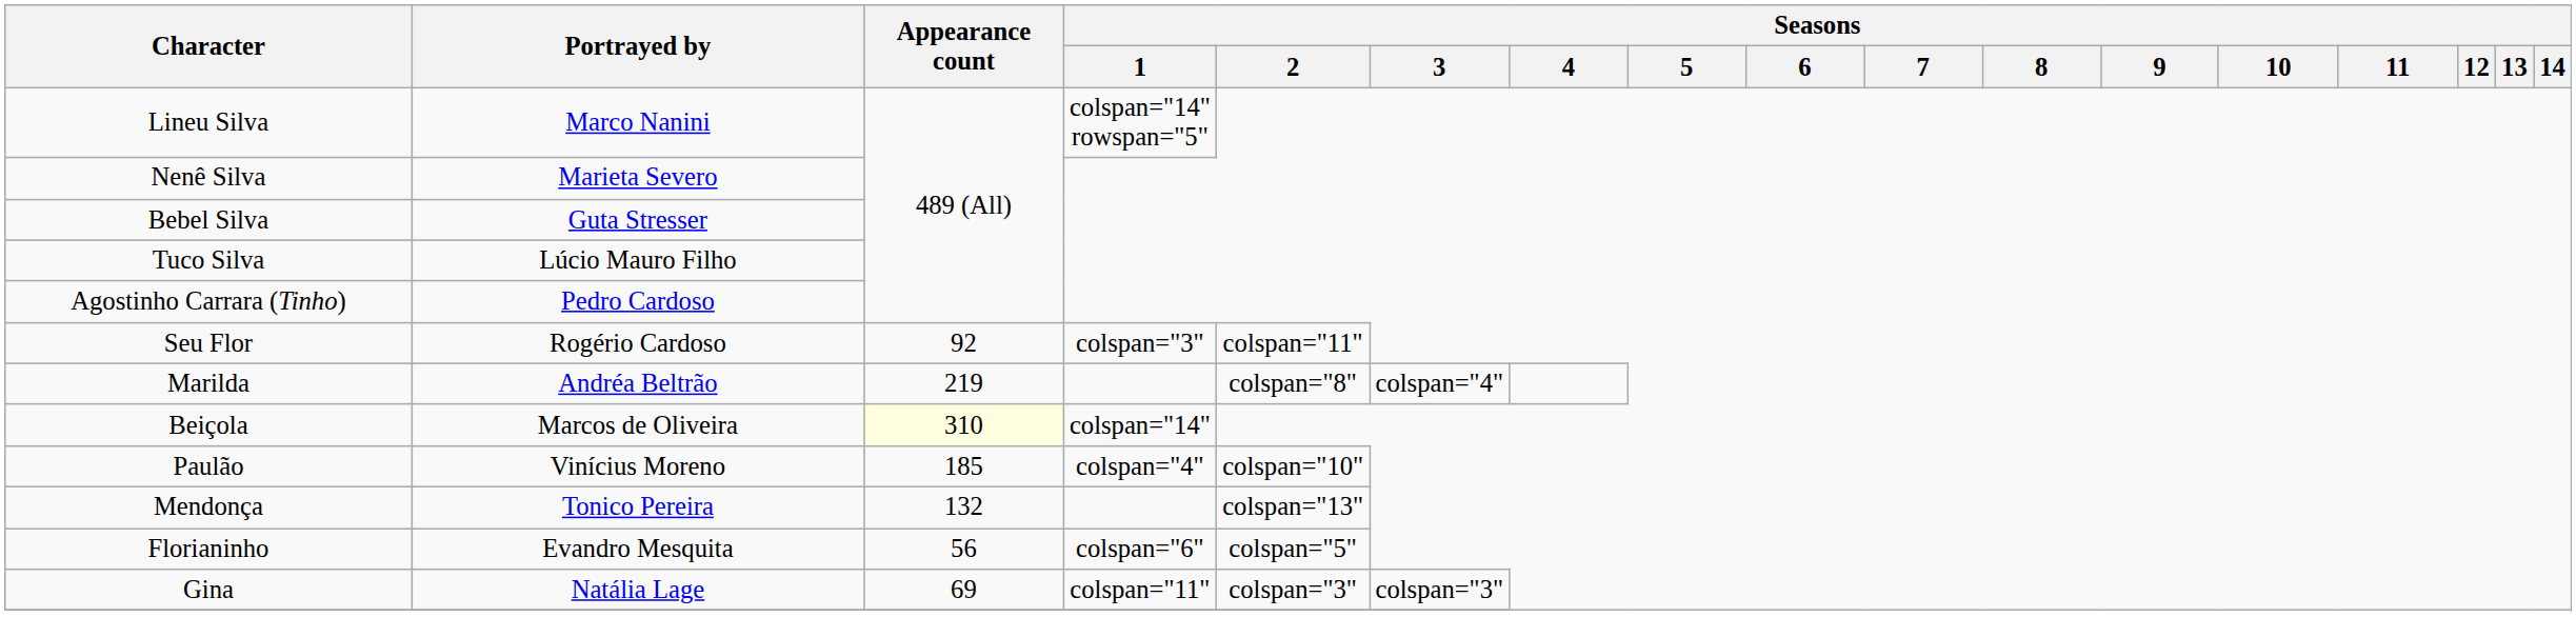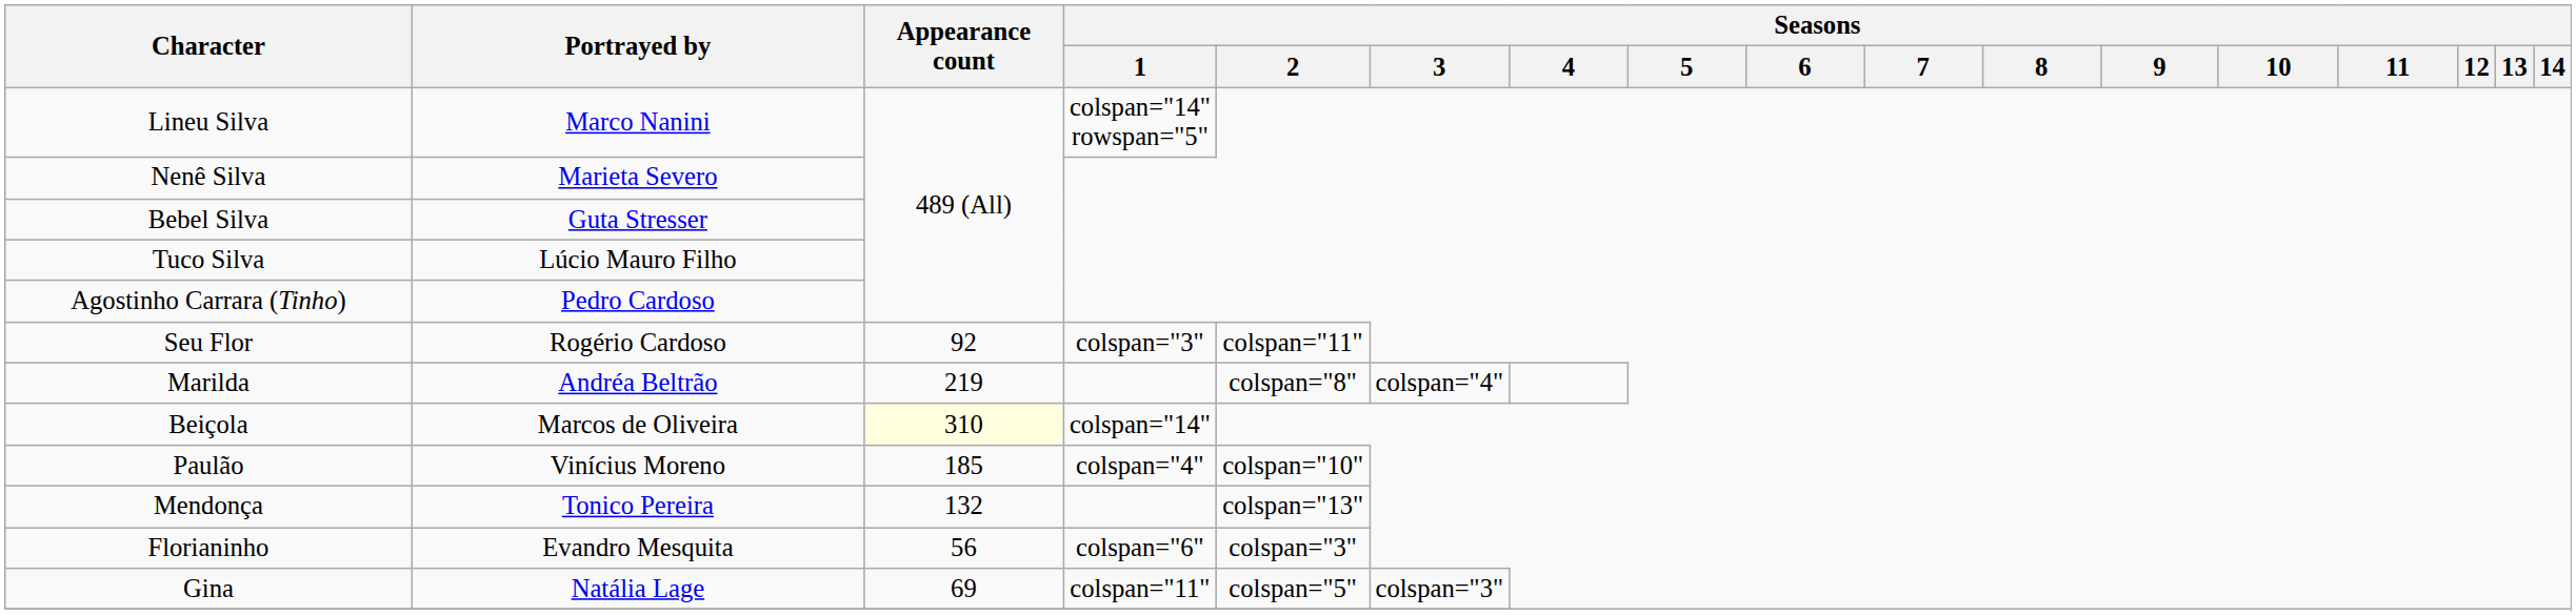 <table class="wikitable plainrowheaders" style="text-align:center; width:100%;">
 <tr>
 <th scope="col" rowspan="2" style="width:17%;">Character</th>
 <th scope="col" rowspan="2" style="width:19%;">Portrayed by</th>
 <th scope="col" rowspan="2" style="width:8%;">Appearance<br>count</th>
 <th scope="col" colspan="14">Seasons</th>
 </tr>
 <tr>
 <th scope="col" style="width:5%;">1</th>
 <th scope="col" style="width:5%;">2</th>
 <th scope="col" style="width:5%;">3</th>
 <th scope="col" style="width:5%;">4</th>
 <th scope="col" style="width:5%;">5</th>
 <th scope="col" style="width:5%;">6</th>
 <th scope="col" style="width:5%;">7</th>
 <th scope="col" style="width:5%;">8</th>
 <th scope="col" style="width:5%;">9</th>
 <th scope="col" style="width:5%;">10</th>
 <th scope="col" style="width:5%;">11</th>
 <th scope="col" style="width:5%;">12</th>
 <th scope="col" style="width:5%;">13</th>
 <th scope="col" style="width:5%;">14</th>
 </tr>
 <tr>
 <td scope="row">Lineu Silva</td>
 <td><a href='#'>Marco Nanini</a></td>
 <td rowspan="5">489 (All)</td>
 <td>colspan="14" rowspan="5" </td>
 </tr>
 <tr>
 <td scope="row">Nenê Silva</td>
 <td><a href='#'>Marieta Severo</a></td>
 </tr>
 <tr>
 <td scope="row">Bebel Silva</td>
 <td><a href='#'>Guta Stresser</a></td>
 </tr>
 <tr>
 <td scope="row">Tuco Silva</td>
 <td>Lúcio Mauro Filho</td>
 </tr>
 <tr>
 <td scope="row">Agostinho Carrara (<em>Tinho</em>)</td>
 <td><a href='#'>Pedro Cardoso</a></td>
 </tr>
 <tr>
 <td scope="row">Seu Flor</td>
 <td>Rogério Cardoso</td>
 <td>92</td>
 <td>colspan="3" </td>
 <td>colspan="11" </td>
 </tr>
 <tr>
 <td scope="row">Marilda</td>
 <td><a href='#'>Andréa Beltrão</a></td>
 <td>219</td>
 <td></td>
 <td>colspan="8" </td>
 <td>colspan="4" </td>
 <td></td>
 </tr>
 <tr>
 <td scope="row">Beiçola</td>
 <td>Marcos de Oliveira</td>
 <td style="background: lightyellow;">310</td>
 <td>colspan="14" </td>
 </tr>
 <tr>
 <td scope="row">Paulão</td>
 <td>Vinícius Moreno</td>
 <td>185</td>
 <td>colspan="4" </td>
 <td>colspan="10" </td>
 </tr>
 <tr>
 <td scope="row">Mendonça</td>
 <td><a href='#'>Tonico Pereira</a></td>
 <td>132</td>
 <td></td>
 <td>colspan="13" </td>
 </tr>
 <tr>
 <td scope="row">Florianinho</td>
 <td>Evandro Mesquita</td>
 <td>56</td>
 <td>colspan="6" </td>
-<td>colspan="5" </td>
+<td>colspan="3" </td>
 </tr>
 <tr>
 <td scope="row">Gina</td>
 <td><a href='#'>Natália Lage</a></td>
 <td>69</td>
 <td>colspan="11" </td>
-<td>colspan="3" </td>
+<td>colspan="5" </td>
 <td>colspan="3" </td>
 </tr>
 <tr>
 </tr>
 </table>
